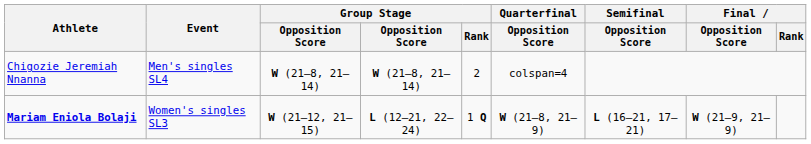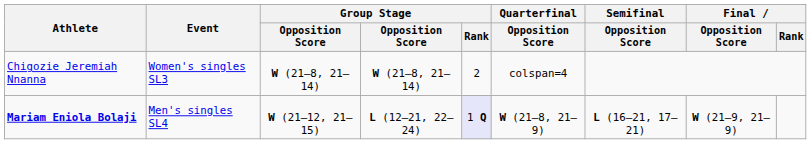 <table class="wikitable" style="font-size:90%; text-align:center">
 <tr>
 <th rowspan=2>Athlete</th>
 <th rowspan=2>Event</th>
 <th colspan=3>Group Stage</th>
 <th>Quarterfinal</th>
 <th>Semifinal</th>
 <th colspan=2>Final / </th>
 </tr>
 <tr style="font-size:95%">
 <th>Opposition<br>Score</th>
 <th>Opposition<br>Score</th>
 <th>Rank</th>
 <th>Opposition<br>Score</th>
 <th>Opposition<br>Score</th>
 <th>Opposition<br>Score</th>
 <th>Rank</th>
 </tr>
 <tr>
 <td align=left><a href='#'>Chigozie Jeremiah Nnanna</a></td>
-<td align=left><a href='#'>Men's singles SL4</a></td>
+<td align=left><a href='#'>Women's singles SL3</a></td>
 <td><br><strong>W</strong> (21–8, 21–14)</td>
 <td><br><strong>W</strong> (21–8, 21–14)</td>
 <td>2</td>
 <td>colspan=4 </td>
 </tr>
 <tr>
 <td align=left><strong><a href='#'>Mariam Eniola Bolaji</a></strong></td>
-<td align=left><a href='#'>Women's singles SL3</a></td>
+<td align=left><a href='#'>Men's singles SL4</a></td>
 <td><br><strong>W</strong> (21–12, 21–15)</td>
 <td><br><strong>L</strong> (12–21, 22–24)</td>
-<td>1 <strong>Q</strong></td>
+<td style="background: lavender;">1 <strong>Q</strong></td>
 <td><br><strong>W</strong> (21–8, 21–9)</td>
 <td><br><strong>L</strong> (16–21, 17–21)</td>
 <td><br><strong>W</strong> (21–9, 21–9)</td>
 <td></td>
 </tr>
 </table>
